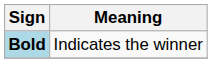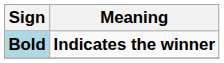 <table class="wikitable">
 <tr>
 <th scope="col">Sign</th>
 <th scope="col">Meaning</th>
 </tr>
 <tr>
 <td style="background-color:lightblue"><strong>Bold</strong></td>
-<td>Indicates the winner</td>
+<td><strong>Indicates the winner</strong></td>
 </tr>
 <tr>
 </tr>
 </table>
